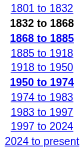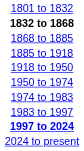 <table id=toc style=float:right; margin-left:1em>
 <tr>
 <td style=text-align:center><a href='#'>1801 to 1832</a></td>
 </tr>
 <tr>
 <td style=text-align:center><strong>1832 to 1868</strong></td>
 </tr>
 <tr>
-<td style=text-align:center><strong><a href='#'>1868 to 1885</a></strong></td>
+<td style=text-align:center><a href='#'>1868 to 1885</a></td>
 </tr>
 <tr>
 <td style=text-align:center><a href='#'>1885 to 1918</a></td>
 </tr>
 <tr>
 <td style=text-align:center><a href='#'>1918 to 1950</a></td>
 </tr>
 <tr>
-<td style=text-align:center><strong><a href='#'>1950 to 1974</a></strong></td>
+<td style=text-align:center><a href='#'>1950 to 1974</a></td>
 </tr>
 <tr>
 <td style=text-align:center><a href='#'>1974 to 1983</a></td>
 </tr>
 <tr>
 <td style=text-align:center><a href='#'>1983 to 1997</a></td>
 </tr>
 <tr>
-<td style="text-align:center;"><a href='#'>1997 to 2024</a></td>
+<td style="text-align:center;"><strong><a href='#'>1997 to 2024</a></strong></td>
 </tr>
 <tr>
 <td style="text-align:center"><a href='#'>2024 to present</a></td>
 </tr>
 </table>
